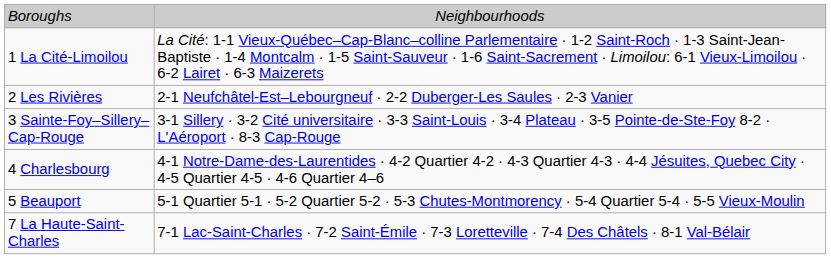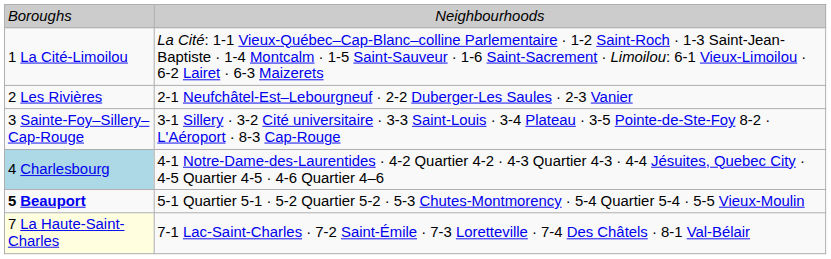 <table class="wikitable" style="margin:auto;">
 <tr style="background:#ccc;">
 <td><em>Boroughs</em></td>
 <td style="text-align:center;"><em>Neighbourhoods</em></td>
 </tr>
 <tr>
 <td>1 <a href='#'>La Cité-Limoilou</a></td>
 <td><em>La Cité</em>: 1-1 <a href='#'>Vieux-Québec–Cap-Blanc–colline Parlementaire</a> · 1-2 <a href='#'>Saint-Roch</a> · 1-3 Saint-Jean-Baptiste · 1-4 <a href='#'>Montcalm</a> · 1-5 <a href='#'>Saint-Sauveur</a> · 1-6 <a href='#'>Saint-Sacrement</a> · <em>Limoilou</em>: 6-1 <a href='#'>Vieux-Limoilou</a> · 6-2 <a href='#'>Lairet</a> · 6-3 <a href='#'>Maizerets</a></td>
 </tr>
 <tr>
 <td>2 <a href='#'>Les Rivières</a></td>
 <td>2-1 <a href='#'>Neufchâtel-Est–Lebourgneuf</a> · 2-2 <a href='#'>Duberger-Les Saules</a> · 2-3 <a href='#'>Vanier</a></td>
 </tr>
 <tr>
 <td>3 <a href='#'>Sainte-Foy–Sillery–Cap-Rouge</a></td>
 <td>3-1 <a href='#'>Sillery</a> · 3-2 <a href='#'>Cité universitaire</a> · 3-3 <a href='#'>Saint-Louis</a> · 3-4 <a href='#'>Plateau</a> · 3-5 <a href='#'>Pointe-de-Ste-Foy</a> 8-2 · <a href='#'>L'Aéroport</a> · 8-3 <a href='#'>Cap-Rouge</a></td>
 </tr>
 <tr>
-<td>4 <a href='#'>Charlesbourg</a></td>
+<td style="background: lightblue;">4 <a href='#'>Charlesbourg</a></td>
 <td>4-1 <a href='#'>Notre-Dame-des-Laurentides</a> · 4-2 Quartier 4-2 · 4-3 Quartier 4-3 · 4-4 <a href='#'>Jésuites, Quebec City</a> · 4-5 Quartier 4-5 · 4-6 Quartier 4–6</td>
 </tr>
 <tr>
-<td>5 <a href='#'>Beauport</a></td>
+<td><strong>5 <a href='#'>Beauport</a></strong></td>
 <td>5-1 Quartier 5-1 · 5-2 Quartier 5-2 · 5-3 <a href='#'>Chutes-Montmorency</a> · 5-4 Quartier 5-4 · 5-5 <a href='#'>Vieux-Moulin</a></td>
 </tr>
 <tr>
-<td>7 <a href='#'>La Haute-Saint-Charles</a></td>
+<td style="background: lightyellow;">7 <a href='#'>La Haute-Saint-Charles</a></td>
 <td>7-1 <a href='#'>Lac-Saint-Charles</a> · 7-2 <a href='#'>Saint-Émile</a> · 7-3 <a href='#'>Loretteville</a> · 7-4 <a href='#'>Des Châtels</a> · 8-1 <a href='#'>Val-Bélair</a></td>
 </tr>
 </table>
